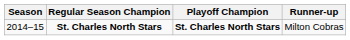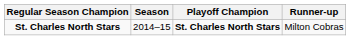 <table class="wikitable">
 <tr>
+<th>Regular Season Champion</th>
 <th>Season</th>
-<th>Regular Season Champion</th>
 <th>Playoff Champion</th>
 <th>Runner-up</th>
 </tr>
 <tr align="center">
+<td><strong>St. Charles North Stars</strong></td>
 <td>2014–15</td>
-<td><strong>St. Charles North Stars</strong></td>
 <td><strong>St. Charles North Stars</strong></td>
 <td>Milton Cobras</td>
 </tr>
 </table>
